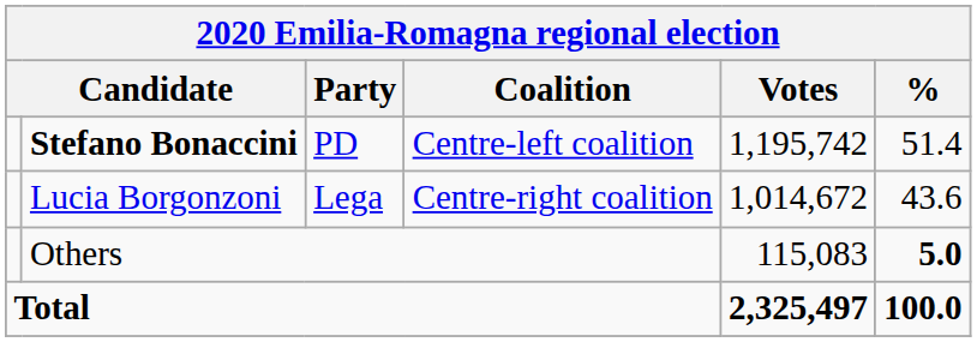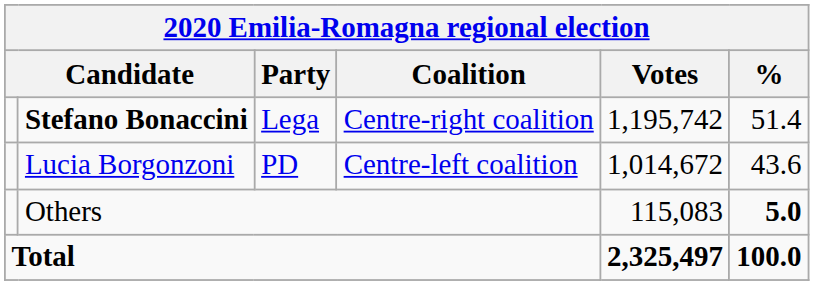 <table class=wikitable style=text-align:right>
 <tr>
 <th colspan=7><a href='#'>2020 Emilia-Romagna regional election</a></th>
 </tr>
 <tr>
 <th colspan=2>Candidate</th>
 <th>Party</th>
 <th>Coalition</th>
 <th>Votes</th>
 <th>%</th>
 </tr>
 <tr>
 <td></td>
 <td align=left><strong>Stefano Bonaccini</strong></td>
-<td align=left><a href='#'>PD</a></td>
-<td align=left><a href='#'>Centre-left coalition</a></td>
+<td align=left><a href='#'>Lega</a></td>
+<td align=left><a href='#'>Centre-right coalition</a></td>
 <td>1,195,742</td>
 <td>51.4</td>
 </tr>
 <tr>
 <td></td>
 <td align=left><a href='#'>Lucia Borgonzoni</a></td>
-<td align=left><a href='#'>Lega</a></td>
-<td align=left><a href='#'>Centre-right coalition</a></td>
+<td align=left><a href='#'>PD</a></td>
+<td align=left><a href='#'>Centre-left coalition</a></td>
 <td>1,014,672</td>
 <td>43.6</td>
 </tr>
 <tr>
 <td></td>
 <td align=left colspan=3>Others</td>
 <td>115,083</td>
 <td><strong>5.0</strong></td>
 </tr>
 <tr>
 <td align=left colspan=4><strong>Total</strong></td>
 <td><strong>2,325,497</strong></td>
 <td><strong>100.0</strong></td>
 </tr>
 </table>
